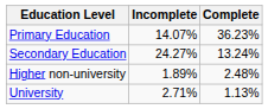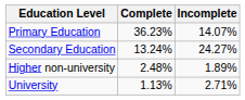 <table class="wikitable" style="float:left; margin-left:3px; text-size:80%; text-align:left">
 <tr>
 <th scope"col">Education Level</th>
+<th scope"col">Complete</th>
 <th scope"col">Incomplete</th>
-<th scope"col">Complete</th>
 </tr>
 <tr>
 <td><a href='#'>Primary Education</a></td>
+<td align=right>36.23%</td>
 <td align=right>14.07%</td>
-<td align=right>36.23%</td>
 </tr>
 <tr>
 <td><a href='#'>Secondary Education</a></td>
+<td align=right>13.24%</td>
 <td align=right>24.27%</td>
-<td align=right>13.24%</td>
 </tr>
 <tr>
 <td><a href='#'>Higher</a> non-university</td>
+<td align=right>2.48%</td>
 <td align=right>1.89%</td>
-<td align=right>2.48%</td>
 </tr>
 <tr>
 <td><a href='#'>University</a></td>
+<td align=right>1.13%</td>
 <td align=right>2.71%</td>
-<td align=right>1.13%</td>
 </tr>
 </table>
